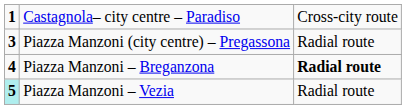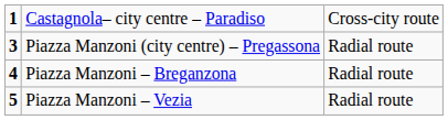 <table class="wikitable">
 <tr>
 <td><strong>1</strong></td>
 <td><a href='#'>Castagnola</a>– city centre – <a href='#'>Paradiso</a></td>
 <td>Cross-city route</td>
 </tr>
 <tr>
 <td><strong>3</strong></td>
 <td>Piazza Manzoni (city centre) – <a href='#'>Pregassona</a></td>
 <td>Radial route</td>
 </tr>
 <tr>
 <td><strong>4</strong></td>
 <td>Piazza Manzoni – <a href='#'>Breganzona</a></td>
-<td><strong>Radial route</strong></td>
+<td>Radial route</td>
 </tr>
 <tr>
-<td style="background: paleturquoise;"><strong>5</strong></td>
+<td><strong>5</strong></td>
 <td>Piazza Manzoni – <a href='#'>Vezia</a></td>
 <td>Radial route</td>
 </tr>
 </table>
